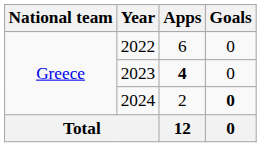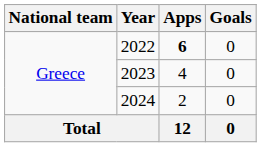 <table class=wikitable style=text-align:center>
 <tr>
 <th>National team</th>
 <th>Year</th>
 <th>Apps</th>
 <th>Goals</th>
 </tr>
 <tr>
 <td rowspan="3"><a href='#'>Greece</a></td>
 <td>2022</td>
-<td>6</td>
+<td><strong>6</strong></td>
 <td>0</td>
 </tr>
 <tr>
 <td>2023</td>
-<td><strong>4</strong></td>
+<td>4</td>
 <td>0</td>
 </tr>
 <tr>
 <td>2024</td>
 <td>2</td>
-<td><strong>0</strong></td>
+<td>0</td>
 </tr>
 <tr>
 <th colspan="2">Total</th>
 <th>12</th>
 <th>0</th>
 </tr>
 </table>
